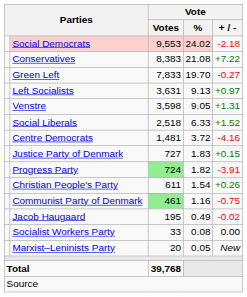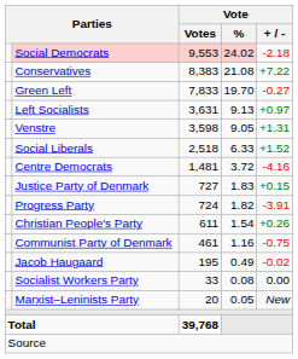 <table class="wikitable" style="text-align:right;">
 <tr>
 <th style="text-align:centre;" rowspan="2" colspan="2" width="225">Parties</th>
 <th colspan="3">Vote</th>
 </tr>
 <tr>
 <th width="15">Votes</th>
 <th width="15">%</th>
 <th width="15">+ / -</th>
 </tr>
 <tr>
 <td width="2" style="color:inherit;background:"></td>
 <td bgcolor=#fbd0ce  align="left"><a href='#'>Social Democrats</a></td>
 <td bgcolor=#fbd0ce>9,553</td>
 <td bgcolor=#fbd0ce>24.02</td>
 <td style=color:red;>-2.18</td>
 </tr>
 <tr>
 <td width="2" style="color:inherit;background:"></td>
 <td align="left"><a href='#'>Conservatives</a></td>
 <td>8,383</td>
 <td>21.08</td>
 <td style=color:green;>+7.22</td>
 </tr>
 <tr>
 <td width="2" style="color:inherit;background:"></td>
 <td align="left"><a href='#'>Green Left</a></td>
 <td>7,833</td>
 <td>19.70</td>
 <td style=color:red;>-0.27</td>
 </tr>
 <tr>
 <td width="2" style="color:inherit;background:"></td>
 <td align="left"><a href='#'>Left Socialists</a></td>
 <td>3,631</td>
 <td>9.13</td>
 <td style=color:green;>+0.97</td>
 </tr>
 <tr>
 <td width="2" style="color:inherit;background:"></td>
 <td align="left"><a href='#'>Venstre</a></td>
 <td>3,598</td>
 <td>9.05</td>
 <td style=color:green;>+1.31</td>
 </tr>
 <tr>
 <td width="2" style="color:inherit;background:"></td>
 <td align="left"><a href='#'>Social Liberals</a></td>
 <td>2,518</td>
 <td>6.33</td>
 <td style=color:green;>+1.52</td>
 </tr>
 <tr>
 <td width="2" style="color:inherit;background:"></td>
 <td align="left"><a href='#'>Centre Democrats</a></td>
 <td>1,481</td>
 <td>3.72</td>
 <td style=color:red;>-4.16</td>
 </tr>
 <tr>
 <td width="2" style="color:inherit;background:"></td>
 <td align="left"><a href='#'>Justice Party of Denmark</a></td>
 <td>727</td>
 <td>1.83</td>
 <td style=color:green;>+0.15</td>
 </tr>
 <tr>
 <td width="2" style="color:inherit;background:"></td>
 <td align="left"><a href='#'>Progress Party</a></td>
-<td style="background: lightgreen;">724</td>
+<td>724</td>
 <td>1.82</td>
 <td style=color:red;>-3.91</td>
 </tr>
 <tr>
 <td width="2" style="color:inherit;background:"></td>
 <td align="left"><a href='#'>Christian People's Party</a></td>
 <td>611</td>
 <td>1.54</td>
 <td style=color:green;>+0.26</td>
 </tr>
 <tr>
 <td width="2" style="color:inherit;background:"></td>
 <td align="left"><a href='#'>Communist Party of Denmark</a></td>
-<td style="background: lightgreen;">461</td>
+<td>461</td>
 <td>1.16</td>
 <td style=color:red;>-0.75</td>
 </tr>
 <tr>
 <td width="2" style="color:inherit;background:"></td>
 <td align="left"><a href='#'>Jacob Haugaard</a></td>
 <td>195</td>
 <td>0.49</td>
 <td style=color:red;>-0.02</td>
 </tr>
 <tr>
 <td width="2" style="color:inherit;background:"></td>
 <td align="left"><a href='#'>Socialist Workers Party</a></td>
 <td>33</td>
 <td>0.08</td>
 <td>0.00</td>
 </tr>
 <tr>
 <td width="2" style="color:inherit;background:"></td>
 <td align="left"><a href='#'>Marxist–Leninists Party</a></td>
 <td>20</td>
 <td>0.05</td>
 <td><em>New</em></td>
 </tr>
 <tr>
 <td colspan="7" bgcolor="#E9E9E9"></td>
 </tr>
 <tr>
 <td align="left" colspan="2"><strong>Total</strong></td>
 <td><strong>39,768</strong></td>
 <td bgcolor="#E9E9E9" colspan="2"></td>
 </tr>
 <tr>
 <td align="left" colspan="6">Source</td>
 </tr>
 </table>
